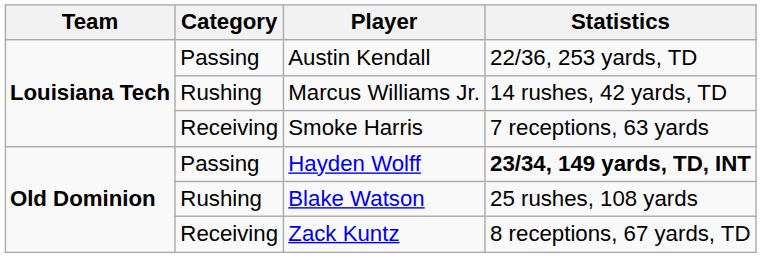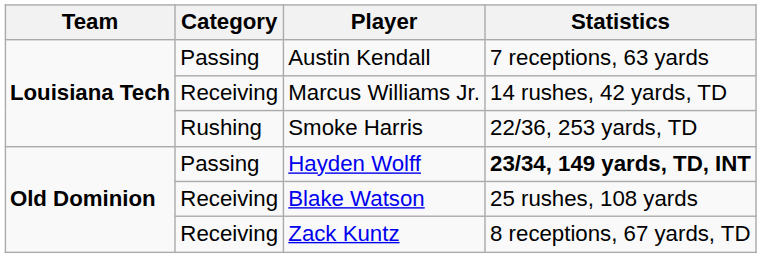 <table class="wikitable" style="float: right;">
 <tr>
 <th>Team</th>
 <th>Category</th>
 <th>Player</th>
 <th>Statistics</th>
 </tr>
 <tr>
 <td rowspan=3><strong>Louisiana Tech</strong></td>
 <td>Passing</td>
 <td>Austin Kendall</td>
-<td>22/36, 253 yards, TD</td>
+<td>7 receptions, 63 yards</td>
 </tr>
 <tr>
-<td>Rushing</td>
+<td>Receiving</td>
 <td>Marcus Williams Jr.</td>
 <td>14 rushes, 42 yards, TD</td>
 </tr>
 <tr>
-<td>Receiving</td>
+<td>Rushing</td>
 <td>Smoke Harris</td>
-<td>7 receptions, 63 yards</td>
+<td>22/36, 253 yards, TD</td>
 </tr>
 <tr>
 <td rowspan=3><strong>Old Dominion</strong></td>
 <td>Passing</td>
 <td><a href='#'>Hayden Wolff</a></td>
 <td><strong>23/34, 149 yards, TD, INT</strong></td>
 </tr>
 <tr>
-<td>Rushing</td>
+<td>Receiving</td>
 <td><a href='#'>Blake Watson</a></td>
 <td>25 rushes, 108 yards</td>
 </tr>
 <tr>
 <td>Receiving</td>
 <td><a href='#'>Zack Kuntz</a></td>
 <td>8 receptions, 67 yards, TD</td>
 </tr>
 </table>
